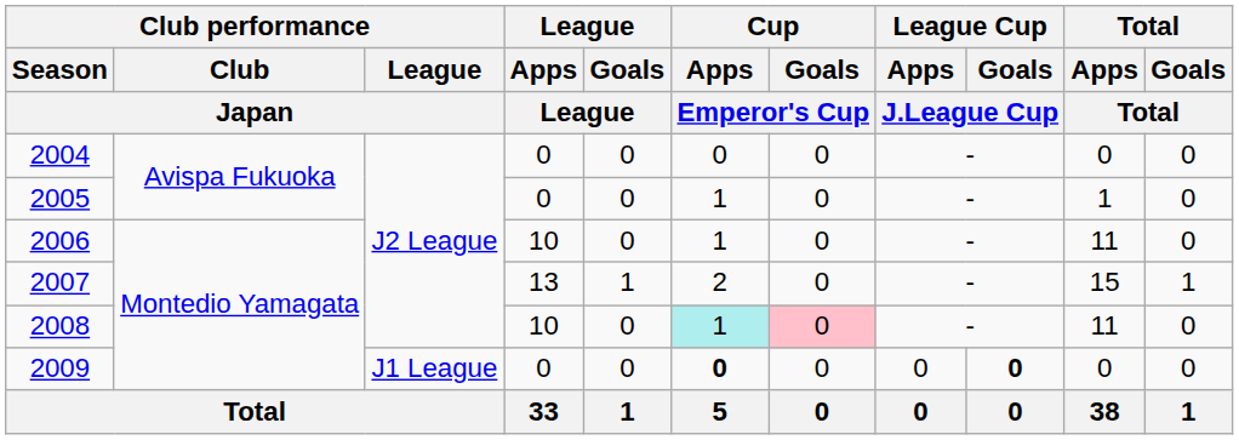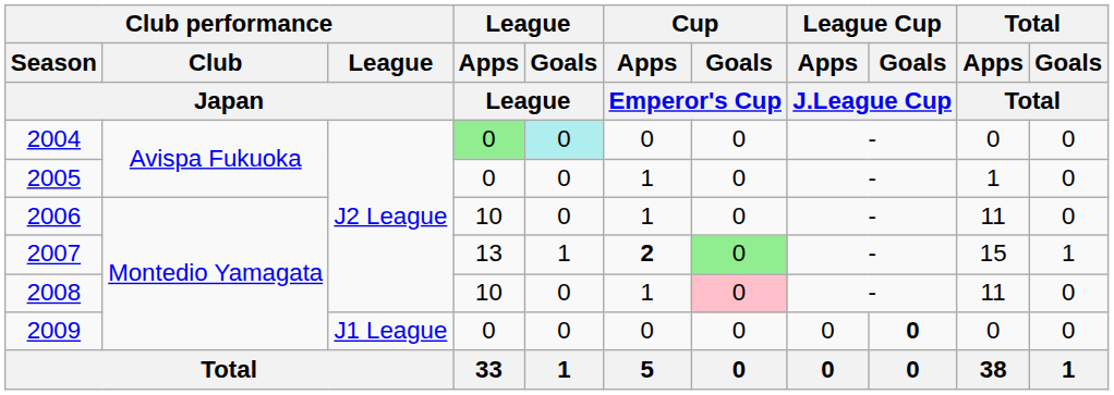 <table class="wikitable" style="text-align:center;">
 <tr>
 <th colspan=3>Club performance</th>
 <th colspan=2>League</th>
 <th colspan=2>Cup</th>
 <th colspan=2>League Cup</th>
 <th colspan=2>Total</th>
 </tr>
 <tr>
 <th>Season</th>
 <th>Club</th>
 <th>League</th>
 <th>Apps</th>
 <th>Goals</th>
 <th>Apps</th>
 <th>Goals</th>
 <th>Apps</th>
 <th>Goals</th>
 <th>Apps</th>
 <th>Goals</th>
 </tr>
 <tr>
 <th colspan=3>Japan</th>
 <th colspan=2>League</th>
 <th colspan=2><a href='#'>Emperor's Cup</a></th>
 <th colspan=2><a href='#'>J.League Cup</a></th>
 <th colspan=2>Total</th>
 </tr>
 <tr>
 <td><a href='#'>2004</a></td>
 <td rowspan="2"><a href='#'>Avispa Fukuoka</a></td>
 <td rowspan="5"><a href='#'>J2 League</a></td>
-<td>0</td>
-<td>0</td>
+<td style="background: lightgreen;">0</td>
+<td style="background: paleturquoise;">0</td>
 <td>0</td>
 <td>0</td>
 <td colspan="2">-</td>
 <td>0</td>
 <td>0</td>
 </tr>
 <tr>
 <td><a href='#'>2005</a></td>
 <td>0</td>
 <td>0</td>
 <td>1</td>
 <td>0</td>
 <td colspan="2">-</td>
 <td>1</td>
 <td>0</td>
 </tr>
 <tr>
 <td><a href='#'>2006</a></td>
 <td rowspan="4"><a href='#'>Montedio Yamagata</a></td>
 <td>10</td>
 <td>0</td>
 <td>1</td>
 <td>0</td>
 <td colspan="2">-</td>
 <td>11</td>
 <td>0</td>
 </tr>
 <tr>
 <td><a href='#'>2007</a></td>
 <td>13</td>
 <td>1</td>
-<td>2</td>
-<td>0</td>
+<td><strong>2</strong></td>
+<td style="background: lightgreen;">0</td>
 <td colspan="2">-</td>
 <td>15</td>
 <td>1</td>
 </tr>
 <tr>
 <td><a href='#'>2008</a></td>
 <td>10</td>
 <td>0</td>
-<td style="background: paleturquoise;">1</td>
+<td>1</td>
 <td style="background: pink;">0</td>
 <td colspan="2">-</td>
 <td>11</td>
 <td>0</td>
 </tr>
 <tr>
 <td><a href='#'>2009</a></td>
 <td><a href='#'>J1 League</a></td>
 <td>0</td>
 <td>0</td>
-<td><strong>0</strong></td>
+<td>0</td>
 <td>0</td>
 <td>0</td>
 <td><strong>0</strong></td>
 <td>0</td>
 <td>0</td>
 </tr>
 <tr>
 <th colspan=3>Total</th>
 <th>33</th>
 <th>1</th>
 <th>5</th>
 <th>0</th>
 <th>0</th>
 <th>0</th>
 <th>38</th>
 <th>1</th>
 </tr>
 </table>
